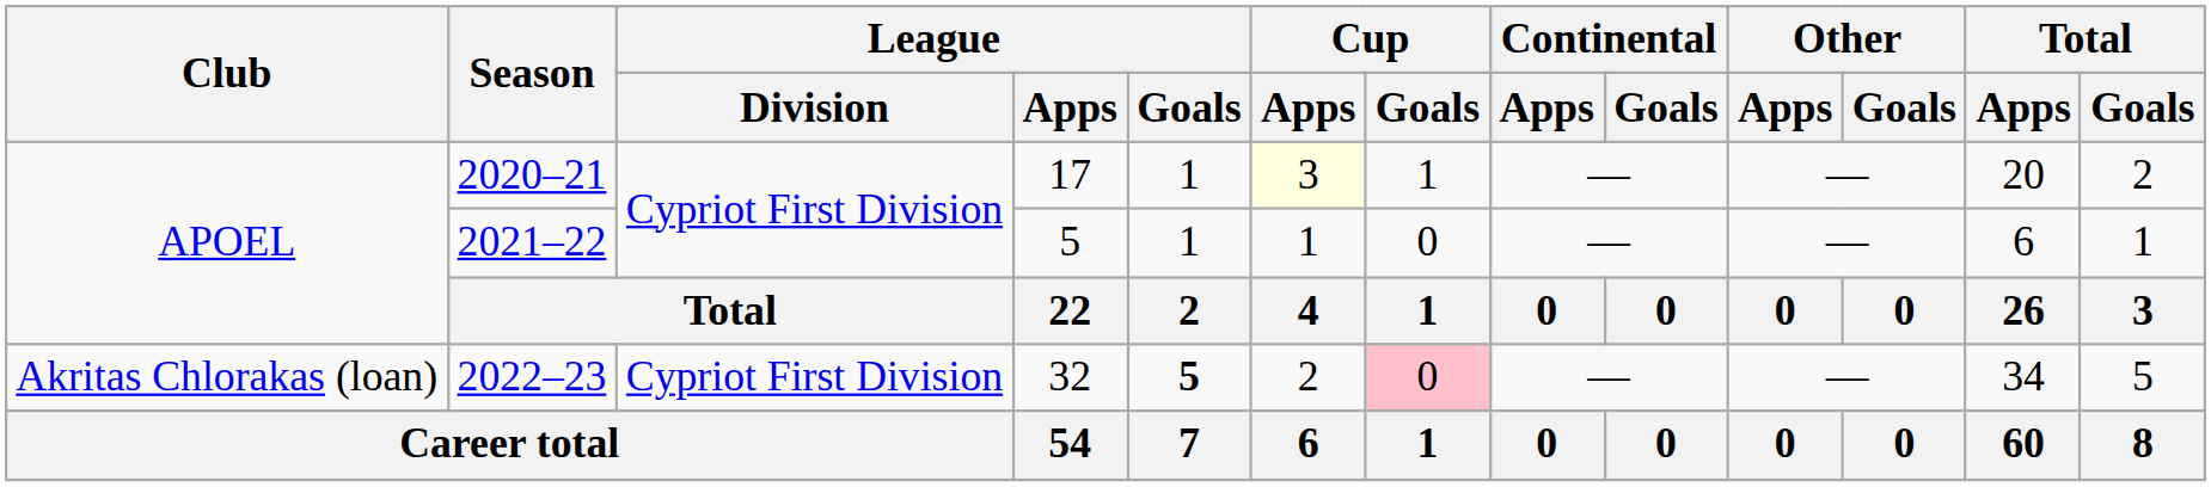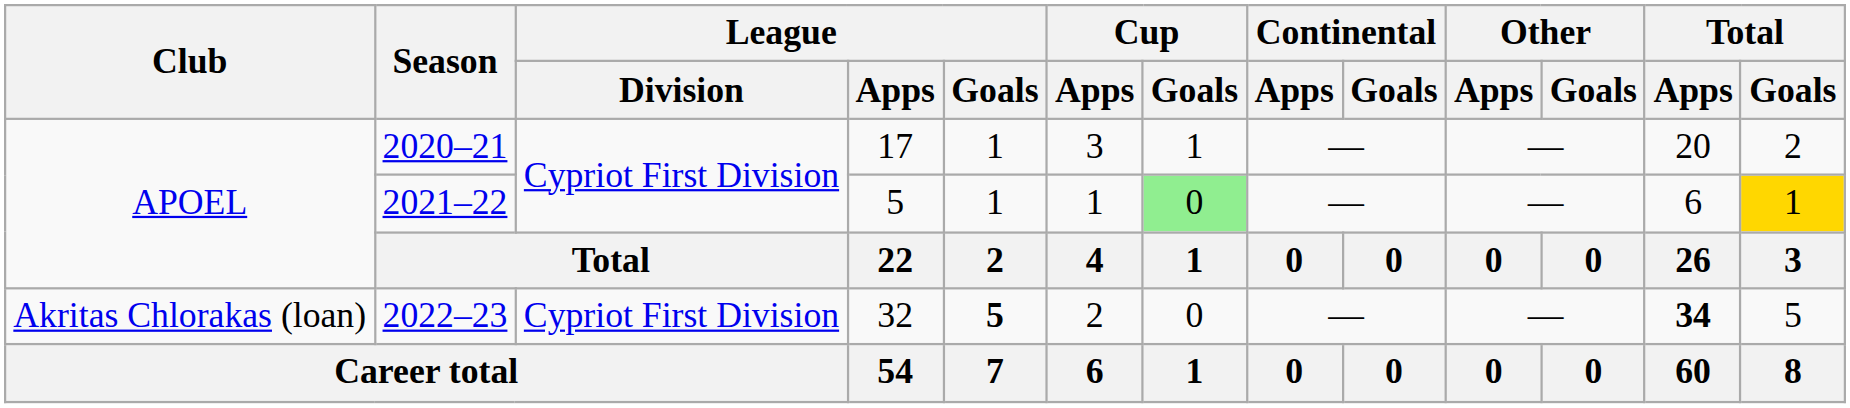 <table class="wikitable" style="text-align:center">
 <tr>
 <th rowspan=2>Club</th>
 <th rowspan=2>Season</th>
 <th colspan=3>League</th>
 <th colspan=2>Cup</th>
 <th colspan=2>Continental</th>
 <th colspan=2>Other</th>
 <th colspan=2>Total</th>
 </tr>
 <tr>
 <th>Division</th>
 <th>Apps</th>
 <th>Goals</th>
 <th>Apps</th>
 <th>Goals</th>
 <th>Apps</th>
 <th>Goals</th>
 <th>Apps</th>
 <th>Goals</th>
 <th>Apps</th>
 <th>Goals</th>
 </tr>
 <tr>
 <td rowspan="3"><a href='#'>APOEL</a></td>
 <td><a href='#'>2020–21</a></td>
 <td rowspan="2"><a href='#'>Cypriot First Division</a></td>
 <td>17</td>
 <td>1</td>
-<td style="background: lightyellow;">3</td>
+<td>3</td>
 <td>1</td>
 <td colspan="2">—</td>
 <td colspan="2">—</td>
 <td>20</td>
 <td>2</td>
 </tr>
 <tr>
 <td><a href='#'>2021–22</a></td>
 <td>5</td>
 <td>1</td>
 <td>1</td>
-<td>0</td>
+<td style="background: lightgreen;">0</td>
 <td colspan="2">—</td>
 <td colspan="2">—</td>
 <td>6</td>
-<td>1</td>
+<td style="background: gold;">1</td>
 </tr>
 <tr>
 <th colspan="2">Total</th>
 <th>22</th>
 <th>2</th>
 <th>4</th>
 <th>1</th>
 <th>0</th>
 <th>0</th>
 <th>0</th>
 <th>0</th>
 <th>26</th>
 <th>3</th>
 </tr>
 <tr>
 <td><a href='#'>Akritas Chlorakas</a> (loan)</td>
 <td><a href='#'>2022–23</a></td>
 <td><a href='#'>Cypriot First Division</a></td>
 <td>32</td>
 <td><strong>5</strong></td>
 <td>2</td>
-<td style="background: pink;">0</td>
+<td>0</td>
 <td colspan="2">—</td>
 <td colspan="2">—</td>
-<td>34</td>
+<td><strong>34</strong></td>
 <td>5</td>
 </tr>
 <tr>
 <th colspan=3>Career total</th>
 <th>54</th>
 <th>7</th>
 <th>6</th>
 <th>1</th>
 <th>0</th>
 <th>0</th>
 <th>0</th>
 <th>0</th>
 <th>60</th>
 <th>8</th>
 </tr>
 </table>
